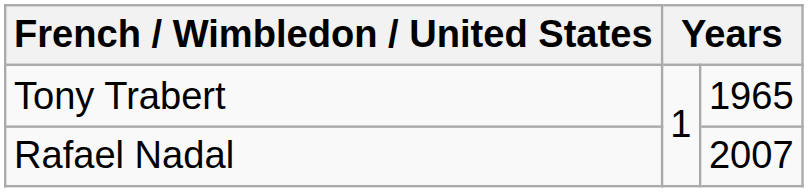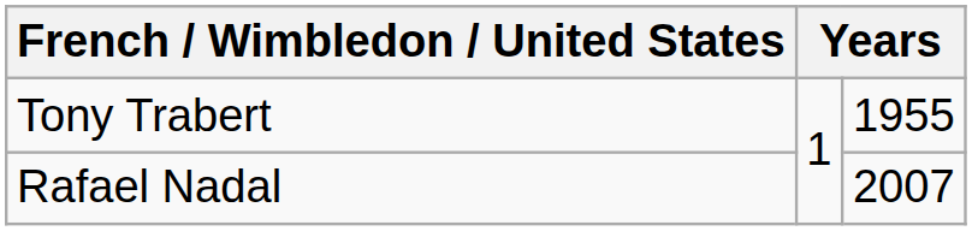 <table class=wikitable style="display:inline-table;">
 <tr>
 <th>French / Wimbledon / United States</th>
 <th colspan=2>Years</th>
 </tr>
 <tr>
 <td> Tony Trabert</td>
 <td rowspan=2>1</td>
-<td>1965</td>
+<td>1955</td>
 </tr>
 <tr>
 <td> Rafael Nadal</td>
 <td>2007</td>
 </tr>
 </table>
